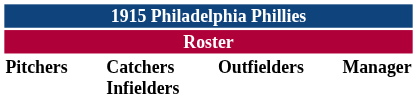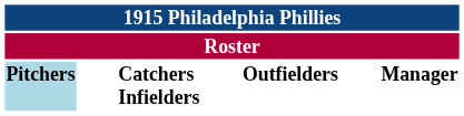 <table class="toccolours" style="font-size: 95%;">
 <tr>
 <th colspan="10" style="background-color: #0f437c; color: white; text-align: center;">1915 Philadelphia Phillies</th>
 </tr>
 <tr>
 <td colspan="10" style="background-color: #af0039; color: white; text-align: center;"><strong>Roster</strong></td>
 </tr>
 <tr>
-<td valign="top"><strong>Pitchers</strong><br>        </td>
+<td valign="top" style="background: lightblue;"><strong>Pitchers</strong><br>        </td>
 <td width="25px"></td>
 <td valign="top"><strong>Catchers</strong><br>   <strong>Infielders</strong>      </td>
 <td width="25px"></td>
 <td valign="top"><strong>Outfielders</strong><br>    </td>
 <td width="25px"></td>
 <td valign="top"><strong>Manager</strong><br></td>
 </tr>
 </table>
